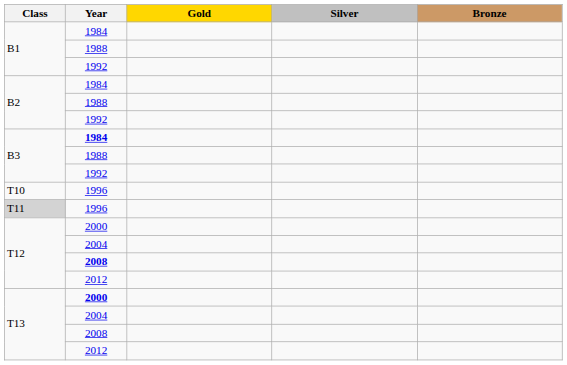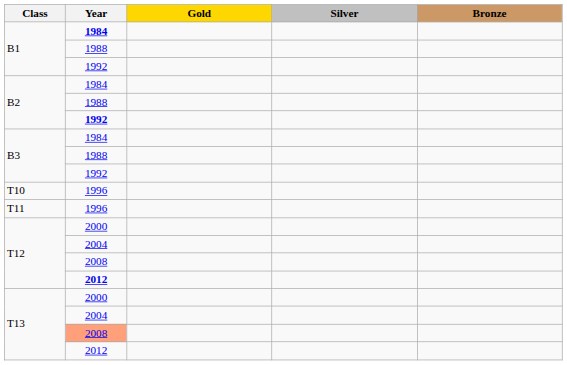 <table class="wikitable">
 <tr>
 <th width=80>Class</th>
 <th width=80>Year</th>
 <td align=center width=200 bgcolor=gold><strong>Gold</strong></td>
 <td align=center width=200 bgcolor=silver><strong>Silver</strong></td>
 <td align=center width=200 bgcolor=cc9966><strong>Bronze</strong></td>
 </tr>
 <tr>
 <td rowspan=3>B1</td>
-<td align=center><a href='#'>1984</a></td>
+<td align=center><strong><a href='#'>1984</a></strong></td>
 <td></td>
 <td></td>
 <td></td>
 </tr>
 <tr>
 <td align=center><a href='#'>1988</a></td>
 <td></td>
 <td></td>
 <td></td>
 </tr>
 <tr>
 <td align=center><a href='#'>1992</a></td>
 <td></td>
 <td></td>
 <td></td>
 </tr>
 <tr>
 <td rowspan=3>B2</td>
 <td align=center><a href='#'>1984</a></td>
 <td></td>
 <td></td>
 <td></td>
 </tr>
 <tr>
 <td align=center><a href='#'>1988</a></td>
 <td></td>
 <td></td>
 <td></td>
 </tr>
 <tr>
-<td align=center><a href='#'>1992</a></td>
+<td align=center><strong><a href='#'>1992</a></strong></td>
 <td></td>
 <td></td>
 <td></td>
 </tr>
 <tr>
 <td rowspan=3>B3</td>
-<td align=center><strong><a href='#'>1984</a></strong></td>
+<td align=center><a href='#'>1984</a></td>
 <td></td>
 <td></td>
 <td></td>
 </tr>
 <tr>
 <td align=center><a href='#'>1988</a></td>
 <td></td>
 <td></td>
 <td></td>
 </tr>
 <tr>
 <td align=center><a href='#'>1992</a></td>
 <td></td>
 <td></td>
 <td></td>
 </tr>
 <tr>
 <td>T10</td>
 <td align=center><a href='#'>1996</a></td>
 <td></td>
 <td></td>
 <td></td>
 </tr>
 <tr>
-<td style="background: lightgrey;">T11</td>
+<td>T11</td>
 <td align=center><a href='#'>1996</a></td>
 <td></td>
 <td></td>
 <td></td>
 </tr>
 <tr>
 <td rowspan=4>T12</td>
 <td align=center><a href='#'>2000</a></td>
 <td></td>
 <td></td>
 <td></td>
 </tr>
 <tr>
 <td align=center><a href='#'>2004</a></td>
 <td></td>
 <td></td>
 <td></td>
 </tr>
 <tr>
-<td align=center><strong><a href='#'>2008</a></strong></td>
+<td align=center><a href='#'>2008</a></td>
 <td></td>
 <td></td>
 <td></td>
 </tr>
 <tr>
-<td align=center><a href='#'>2012</a></td>
+<td align=center><strong><a href='#'>2012</a></strong></td>
 <td></td>
 <td></td>
 <td></td>
 </tr>
 <tr>
 <td rowspan=4>T13</td>
-<td align=center><strong><a href='#'>2000</a></strong></td>
+<td align=center><a href='#'>2000</a></td>
 <td></td>
 <td></td>
 <td></td>
 </tr>
 <tr>
 <td align=center><a href='#'>2004</a></td>
 <td></td>
 <td></td>
 <td></td>
 </tr>
 <tr>
-<td align=center><a href='#'>2008</a></td>
+<td align=center style="background: lightsalmon;"><a href='#'>2008</a></td>
 <td></td>
 <td></td>
 <td></td>
 </tr>
 <tr>
 <td align=center><a href='#'>2012</a></td>
 <td></td>
 <td></td>
 <td></td>
 </tr>
 </table>
